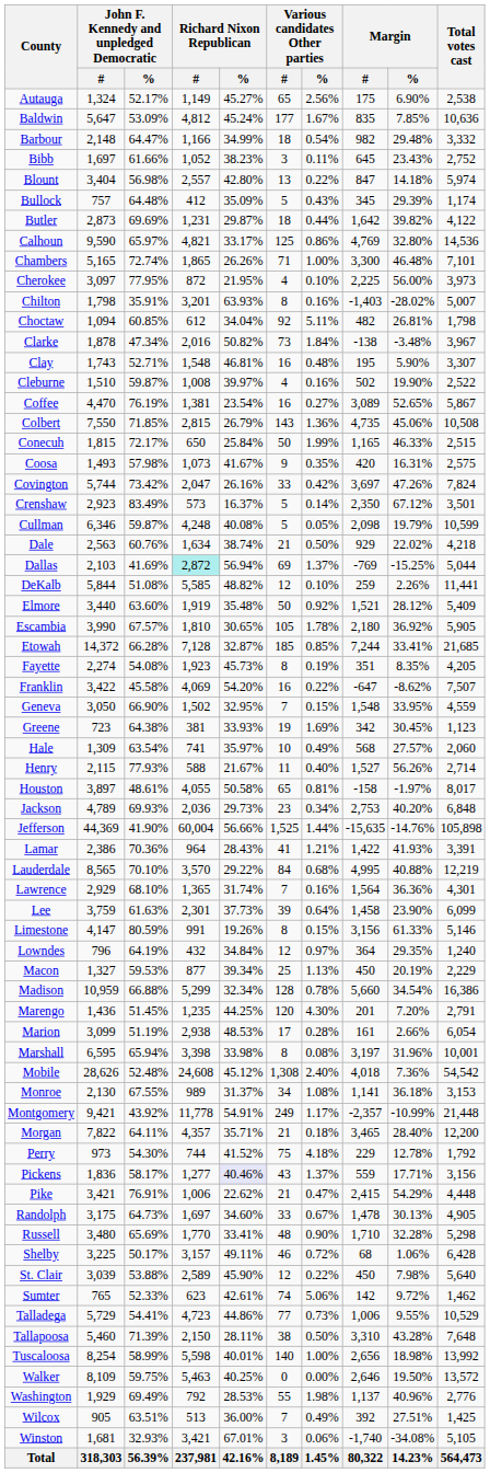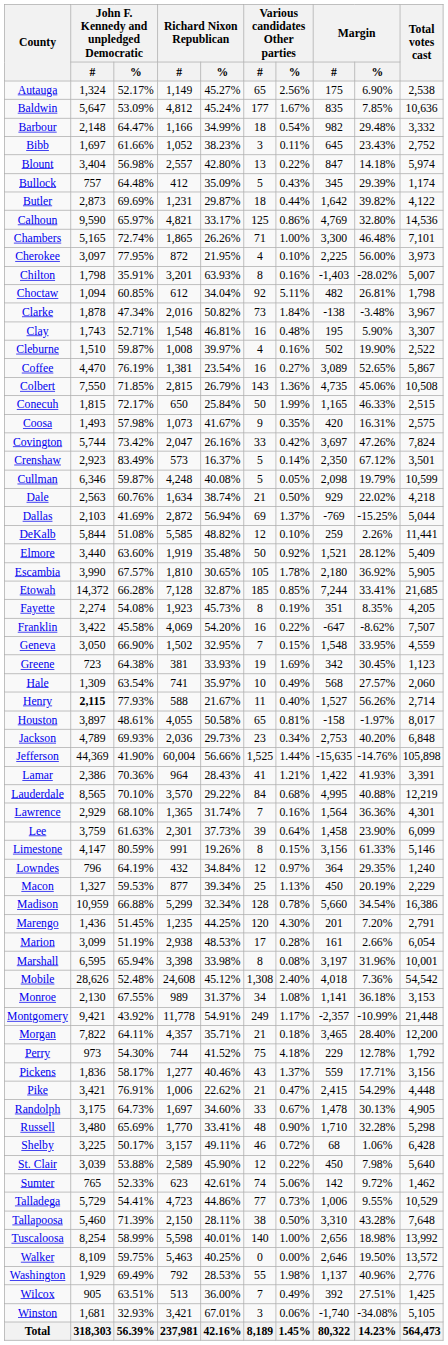 <table width="60%" class="wikitable sortable">
 <tr>
 <th rowspan="2">County</th>
 <th colspan="2">John F. Kennedy and unpledged<br>Democratic</th>
 <th colspan="2">Richard Nixon<br>Republican</th>
 <th colspan="2">Various candidates<br>Other parties</th>
 <th colspan="2">Margin</th>
 <th rowspan="2" style="text-align:center;">Total votes cast</th>
 </tr>
 <tr>
 <th style="text-align:center;" data-sort-type="number">#</th>
 <th style="text-align:center;" data-sort-type="number">%</th>
 <th style="text-align:center;" data-sort-type="number">#</th>
 <th style="text-align:center;" data-sort-type="number">%</th>
 <th style="text-align:center;" data-sort-type="number">#</th>
 <th style="text-align:center;" data-sort-type="number">%</th>
 <th style="text-align:center;" data-sort-type="number">#</th>
 <th style="text-align:center;" data-sort-type="number">%</th>
 </tr>
 <tr style="text-align:center;">
 <td><a href='#'>Autauga</a></td>
 <td>1,324</td>
 <td>52.17%</td>
 <td>1,149</td>
 <td>45.27%</td>
 <td>65</td>
 <td>2.56%</td>
 <td>175</td>
 <td>6.90%</td>
 <td>2,538</td>
 </tr>
 <tr style="text-align:center;">
 <td><a href='#'>Baldwin</a></td>
 <td>5,647</td>
 <td>53.09%</td>
 <td>4,812</td>
 <td>45.24%</td>
 <td>177</td>
 <td>1.67%</td>
 <td>835</td>
 <td>7.85%</td>
 <td>10,636</td>
 </tr>
 <tr style="text-align:center;">
 <td><a href='#'>Barbour</a></td>
 <td>2,148</td>
 <td>64.47%</td>
 <td>1,166</td>
 <td>34.99%</td>
 <td>18</td>
 <td>0.54%</td>
 <td>982</td>
 <td>29.48%</td>
 <td>3,332</td>
 </tr>
 <tr style="text-align:center;">
 <td><a href='#'>Bibb</a></td>
 <td>1,697</td>
 <td>61.66%</td>
 <td>1,052</td>
 <td>38.23%</td>
 <td>3</td>
 <td>0.11%</td>
 <td>645</td>
 <td>23.43%</td>
 <td>2,752</td>
 </tr>
 <tr style="text-align:center;">
 <td><a href='#'>Blount</a></td>
 <td>3,404</td>
 <td>56.98%</td>
 <td>2,557</td>
 <td>42.80%</td>
 <td>13</td>
 <td>0.22%</td>
 <td>847</td>
 <td>14.18%</td>
 <td>5,974</td>
 </tr>
 <tr style="text-align:center;">
 <td><a href='#'>Bullock</a></td>
 <td>757</td>
 <td>64.48%</td>
 <td>412</td>
 <td>35.09%</td>
 <td>5</td>
 <td>0.43%</td>
 <td>345</td>
 <td>29.39%</td>
 <td>1,174</td>
 </tr>
 <tr style="text-align:center;">
 <td><a href='#'>Butler</a></td>
 <td>2,873</td>
 <td>69.69%</td>
 <td>1,231</td>
 <td>29.87%</td>
 <td>18</td>
 <td>0.44%</td>
 <td>1,642</td>
 <td>39.82%</td>
 <td>4,122</td>
 </tr>
 <tr style="text-align:center;">
 <td><a href='#'>Calhoun</a></td>
 <td>9,590</td>
 <td>65.97%</td>
 <td>4,821</td>
 <td>33.17%</td>
 <td>125</td>
 <td>0.86%</td>
 <td>4,769</td>
 <td>32.80%</td>
 <td>14,536</td>
 </tr>
 <tr style="text-align:center;">
 <td><a href='#'>Chambers</a></td>
 <td>5,165</td>
 <td>72.74%</td>
 <td>1,865</td>
 <td>26.26%</td>
 <td>71</td>
 <td>1.00%</td>
 <td>3,300</td>
 <td>46.48%</td>
 <td>7,101</td>
 </tr>
 <tr style="text-align:center;">
 <td><a href='#'>Cherokee</a></td>
 <td>3,097</td>
 <td>77.95%</td>
 <td>872</td>
 <td>21.95%</td>
 <td>4</td>
 <td>0.10%</td>
 <td>2,225</td>
 <td>56.00%</td>
 <td>3,973</td>
 </tr>
 <tr style="text-align:center;">
 <td><a href='#'>Chilton</a></td>
 <td>1,798</td>
 <td>35.91%</td>
 <td>3,201</td>
 <td>63.93%</td>
 <td>8</td>
 <td>0.16%</td>
 <td>-1,403</td>
 <td>-28.02%</td>
 <td>5,007</td>
 </tr>
 <tr style="text-align:center;">
 <td><a href='#'>Choctaw</a></td>
 <td>1,094</td>
 <td>60.85%</td>
 <td>612</td>
 <td>34.04%</td>
 <td>92</td>
 <td>5.11%</td>
 <td>482</td>
 <td>26.81%</td>
 <td>1,798</td>
 </tr>
 <tr style="text-align:center;">
 <td><a href='#'>Clarke</a></td>
 <td>1,878</td>
 <td>47.34%</td>
 <td>2,016</td>
 <td>50.82%</td>
 <td>73</td>
 <td>1.84%</td>
 <td>-138</td>
 <td>-3.48%</td>
 <td>3,967</td>
 </tr>
 <tr style="text-align:center;">
 <td><a href='#'>Clay</a></td>
 <td>1,743</td>
 <td>52.71%</td>
 <td>1,548</td>
 <td>46.81%</td>
 <td>16</td>
 <td>0.48%</td>
 <td>195</td>
 <td>5.90%</td>
 <td>3,307</td>
 </tr>
 <tr style="text-align:center;">
 <td><a href='#'>Cleburne</a></td>
 <td>1,510</td>
 <td>59.87%</td>
 <td>1,008</td>
 <td>39.97%</td>
 <td>4</td>
 <td>0.16%</td>
 <td>502</td>
 <td>19.90%</td>
 <td>2,522</td>
 </tr>
 <tr style="text-align:center;">
 <td><a href='#'>Coffee</a></td>
 <td>4,470</td>
 <td>76.19%</td>
 <td>1,381</td>
 <td>23.54%</td>
 <td>16</td>
 <td>0.27%</td>
 <td>3,089</td>
 <td>52.65%</td>
 <td>5,867</td>
 </tr>
 <tr style="text-align:center;">
 <td><a href='#'>Colbert</a></td>
 <td>7,550</td>
 <td>71.85%</td>
 <td>2,815</td>
 <td>26.79%</td>
 <td>143</td>
 <td>1.36%</td>
 <td>4,735</td>
 <td>45.06%</td>
 <td>10,508</td>
 </tr>
 <tr style="text-align:center;">
 <td><a href='#'>Conecuh</a></td>
 <td>1,815</td>
 <td>72.17%</td>
 <td>650</td>
 <td>25.84%</td>
 <td>50</td>
 <td>1.99%</td>
 <td>1,165</td>
 <td>46.33%</td>
 <td>2,515</td>
 </tr>
 <tr style="text-align:center;">
 <td><a href='#'>Coosa</a></td>
 <td>1,493</td>
 <td>57.98%</td>
 <td>1,073</td>
 <td>41.67%</td>
 <td>9</td>
 <td>0.35%</td>
 <td>420</td>
 <td>16.31%</td>
 <td>2,575</td>
 </tr>
 <tr style="text-align:center;">
 <td><a href='#'>Covington</a></td>
 <td>5,744</td>
 <td>73.42%</td>
 <td>2,047</td>
 <td>26.16%</td>
 <td>33</td>
 <td>0.42%</td>
 <td>3,697</td>
 <td>47.26%</td>
 <td>7,824</td>
 </tr>
 <tr style="text-align:center;">
 <td><a href='#'>Crenshaw</a></td>
 <td>2,923</td>
 <td>83.49%</td>
 <td>573</td>
 <td>16.37%</td>
 <td>5</td>
 <td>0.14%</td>
 <td>2,350</td>
 <td>67.12%</td>
 <td>3,501</td>
 </tr>
 <tr style="text-align:center;">
 <td><a href='#'>Cullman</a></td>
 <td>6,346</td>
 <td>59.87%</td>
 <td>4,248</td>
 <td>40.08%</td>
 <td>5</td>
 <td>0.05%</td>
 <td>2,098</td>
 <td>19.79%</td>
 <td>10,599</td>
 </tr>
 <tr style="text-align:center;">
 <td><a href='#'>Dale</a></td>
 <td>2,563</td>
 <td>60.76%</td>
 <td>1,634</td>
 <td>38.74%</td>
 <td>21</td>
 <td>0.50%</td>
 <td>929</td>
 <td>22.02%</td>
 <td>4,218</td>
 </tr>
 <tr style="text-align:center;">
 <td><a href='#'>Dallas</a></td>
 <td>2,103</td>
 <td>41.69%</td>
-<td style="background: paleturquoise;">2,872</td>
+<td>2,872</td>
 <td>56.94%</td>
 <td>69</td>
 <td>1.37%</td>
 <td>-769</td>
 <td>-15.25%</td>
 <td>5,044</td>
 </tr>
 <tr style="text-align:center;">
 <td><a href='#'>DeKalb</a></td>
 <td>5,844</td>
 <td>51.08%</td>
 <td>5,585</td>
 <td>48.82%</td>
 <td>12</td>
 <td>0.10%</td>
 <td>259</td>
 <td>2.26%</td>
 <td>11,441</td>
 </tr>
 <tr style="text-align:center;">
 <td><a href='#'>Elmore</a></td>
 <td>3,440</td>
 <td>63.60%</td>
 <td>1,919</td>
 <td>35.48%</td>
 <td>50</td>
 <td>0.92%</td>
 <td>1,521</td>
 <td>28.12%</td>
 <td>5,409</td>
 </tr>
 <tr style="text-align:center;">
 <td><a href='#'>Escambia</a></td>
 <td>3,990</td>
 <td>67.57%</td>
 <td>1,810</td>
 <td>30.65%</td>
 <td>105</td>
 <td>1.78%</td>
 <td>2,180</td>
 <td>36.92%</td>
 <td>5,905</td>
 </tr>
 <tr style="text-align:center;">
 <td><a href='#'>Etowah</a></td>
 <td>14,372</td>
 <td>66.28%</td>
 <td>7,128</td>
 <td>32.87%</td>
 <td>185</td>
 <td>0.85%</td>
 <td>7,244</td>
 <td>33.41%</td>
 <td>21,685</td>
 </tr>
 <tr style="text-align:center;">
 <td><a href='#'>Fayette</a></td>
 <td>2,274</td>
 <td>54.08%</td>
 <td>1,923</td>
 <td>45.73%</td>
 <td>8</td>
 <td>0.19%</td>
 <td>351</td>
 <td>8.35%</td>
 <td>4,205</td>
 </tr>
 <tr style="text-align:center;">
 <td><a href='#'>Franklin</a></td>
 <td>3,422</td>
 <td>45.58%</td>
 <td>4,069</td>
 <td>54.20%</td>
 <td>16</td>
 <td>0.22%</td>
 <td>-647</td>
 <td>-8.62%</td>
 <td>7,507</td>
 </tr>
 <tr style="text-align:center;">
 <td><a href='#'>Geneva</a></td>
 <td>3,050</td>
 <td>66.90%</td>
 <td>1,502</td>
 <td>32.95%</td>
 <td>7</td>
 <td>0.15%</td>
 <td>1,548</td>
 <td>33.95%</td>
 <td>4,559</td>
 </tr>
 <tr style="text-align:center;">
 <td><a href='#'>Greene</a></td>
 <td>723</td>
 <td>64.38%</td>
 <td>381</td>
 <td>33.93%</td>
 <td>19</td>
 <td>1.69%</td>
 <td>342</td>
 <td>30.45%</td>
 <td>1,123</td>
 </tr>
 <tr style="text-align:center;">
 <td><a href='#'>Hale</a></td>
 <td>1,309</td>
 <td>63.54%</td>
 <td>741</td>
 <td>35.97%</td>
 <td>10</td>
 <td>0.49%</td>
 <td>568</td>
 <td>27.57%</td>
 <td>2,060</td>
 </tr>
 <tr style="text-align:center;">
 <td><a href='#'>Henry</a></td>
-<td>2,115</td>
+<td><strong>2,115</strong></td>
 <td>77.93%</td>
 <td>588</td>
 <td>21.67%</td>
 <td>11</td>
 <td>0.40%</td>
 <td>1,527</td>
 <td>56.26%</td>
 <td>2,714</td>
 </tr>
 <tr style="text-align:center;">
 <td><a href='#'>Houston</a></td>
 <td>3,897</td>
 <td>48.61%</td>
 <td>4,055</td>
 <td>50.58%</td>
 <td>65</td>
 <td>0.81%</td>
 <td>-158</td>
 <td>-1.97%</td>
 <td>8,017</td>
 </tr>
 <tr style="text-align:center;">
 <td><a href='#'>Jackson</a></td>
 <td>4,789</td>
 <td>69.93%</td>
 <td>2,036</td>
 <td>29.73%</td>
 <td>23</td>
 <td>0.34%</td>
 <td>2,753</td>
 <td>40.20%</td>
 <td>6,848</td>
 </tr>
 <tr style="text-align:center;">
 <td><a href='#'>Jefferson</a></td>
 <td>44,369</td>
 <td>41.90%</td>
 <td>60,004</td>
 <td>56.66%</td>
 <td>1,525</td>
 <td>1.44%</td>
 <td>-15,635</td>
 <td>-14.76%</td>
 <td>105,898</td>
 </tr>
 <tr style="text-align:center;">
 <td><a href='#'>Lamar</a></td>
 <td>2,386</td>
 <td>70.36%</td>
 <td>964</td>
 <td>28.43%</td>
 <td>41</td>
 <td>1.21%</td>
 <td>1,422</td>
 <td>41.93%</td>
 <td>3,391</td>
 </tr>
 <tr style="text-align:center;">
 <td><a href='#'>Lauderdale</a></td>
 <td>8,565</td>
 <td>70.10%</td>
 <td>3,570</td>
 <td>29.22%</td>
 <td>84</td>
 <td>0.68%</td>
 <td>4,995</td>
 <td>40.88%</td>
 <td>12,219</td>
 </tr>
 <tr style="text-align:center;">
 <td><a href='#'>Lawrence</a></td>
 <td>2,929</td>
 <td>68.10%</td>
 <td>1,365</td>
 <td>31.74%</td>
 <td>7</td>
 <td>0.16%</td>
 <td>1,564</td>
 <td>36.36%</td>
 <td>4,301</td>
 </tr>
 <tr style="text-align:center;">
 <td><a href='#'>Lee</a></td>
 <td>3,759</td>
 <td>61.63%</td>
 <td>2,301</td>
 <td>37.73%</td>
 <td>39</td>
 <td>0.64%</td>
 <td>1,458</td>
 <td>23.90%</td>
 <td>6,099</td>
 </tr>
 <tr style="text-align:center;">
 <td><a href='#'>Limestone</a></td>
 <td>4,147</td>
 <td>80.59%</td>
 <td>991</td>
 <td>19.26%</td>
 <td>8</td>
 <td>0.15%</td>
 <td>3,156</td>
 <td>61.33%</td>
 <td>5,146</td>
 </tr>
 <tr style="text-align:center;">
 <td><a href='#'>Lowndes</a></td>
 <td>796</td>
 <td>64.19%</td>
 <td>432</td>
 <td>34.84%</td>
 <td>12</td>
 <td>0.97%</td>
 <td>364</td>
 <td>29.35%</td>
 <td>1,240</td>
 </tr>
 <tr style="text-align:center;">
 <td><a href='#'>Macon</a></td>
 <td>1,327</td>
 <td>59.53%</td>
 <td>877</td>
 <td>39.34%</td>
 <td>25</td>
 <td>1.13%</td>
 <td>450</td>
 <td>20.19%</td>
 <td>2,229</td>
 </tr>
 <tr style="text-align:center;">
 <td><a href='#'>Madison</a></td>
 <td>10,959</td>
 <td>66.88%</td>
 <td>5,299</td>
 <td>32.34%</td>
 <td>128</td>
 <td>0.78%</td>
 <td>5,660</td>
 <td>34.54%</td>
 <td>16,386</td>
 </tr>
 <tr style="text-align:center;">
 <td><a href='#'>Marengo</a></td>
 <td>1,436</td>
 <td>51.45%</td>
 <td>1,235</td>
 <td>44.25%</td>
 <td>120</td>
 <td>4.30%</td>
 <td>201</td>
 <td>7.20%</td>
 <td>2,791</td>
 </tr>
 <tr style="text-align:center;">
 <td><a href='#'>Marion</a></td>
 <td>3,099</td>
 <td>51.19%</td>
 <td>2,938</td>
 <td>48.53%</td>
 <td>17</td>
 <td>0.28%</td>
 <td>161</td>
 <td>2.66%</td>
 <td>6,054</td>
 </tr>
 <tr style="text-align:center;">
 <td><a href='#'>Marshall</a></td>
 <td>6,595</td>
 <td>65.94%</td>
 <td>3,398</td>
 <td>33.98%</td>
 <td>8</td>
 <td>0.08%</td>
 <td>3,197</td>
 <td>31.96%</td>
 <td>10,001</td>
 </tr>
 <tr style="text-align:center;">
 <td><a href='#'>Mobile</a></td>
 <td>28,626</td>
 <td>52.48%</td>
 <td>24,608</td>
 <td>45.12%</td>
 <td>1,308</td>
 <td>2.40%</td>
 <td>4,018</td>
 <td>7.36%</td>
 <td>54,542</td>
 </tr>
 <tr style="text-align:center;">
 <td><a href='#'>Monroe</a></td>
 <td>2,130</td>
 <td>67.55%</td>
 <td>989</td>
 <td>31.37%</td>
 <td>34</td>
 <td>1.08%</td>
 <td>1,141</td>
 <td>36.18%</td>
 <td>3,153</td>
 </tr>
 <tr style="text-align:center;">
 <td><a href='#'>Montgomery</a></td>
 <td>9,421</td>
 <td>43.92%</td>
 <td>11,778</td>
 <td>54.91%</td>
 <td>249</td>
 <td>1.17%</td>
 <td>-2,357</td>
 <td>-10.99%</td>
 <td>21,448</td>
 </tr>
 <tr style="text-align:center;">
 <td><a href='#'>Morgan</a></td>
 <td>7,822</td>
 <td>64.11%</td>
 <td>4,357</td>
 <td>35.71%</td>
 <td>21</td>
 <td>0.18%</td>
 <td>3,465</td>
 <td>28.40%</td>
 <td>12,200</td>
 </tr>
 <tr style="text-align:center;">
 <td><a href='#'>Perry</a></td>
 <td>973</td>
 <td>54.30%</td>
 <td>744</td>
 <td>41.52%</td>
 <td>75</td>
 <td>4.18%</td>
 <td>229</td>
 <td>12.78%</td>
 <td>1,792</td>
 </tr>
 <tr style="text-align:center;">
 <td><a href='#'>Pickens</a></td>
 <td>1,836</td>
 <td>58.17%</td>
 <td>1,277</td>
-<td style="background: lavender;">40.46%</td>
+<td>40.46%</td>
 <td>43</td>
 <td>1.37%</td>
 <td>559</td>
 <td>17.71%</td>
 <td>3,156</td>
 </tr>
 <tr style="text-align:center;">
 <td><a href='#'>Pike</a></td>
 <td>3,421</td>
 <td>76.91%</td>
 <td>1,006</td>
 <td>22.62%</td>
 <td>21</td>
 <td>0.47%</td>
 <td>2,415</td>
 <td>54.29%</td>
 <td>4,448</td>
 </tr>
 <tr style="text-align:center;">
 <td><a href='#'>Randolph</a></td>
 <td>3,175</td>
 <td>64.73%</td>
 <td>1,697</td>
 <td>34.60%</td>
 <td>33</td>
 <td>0.67%</td>
 <td>1,478</td>
 <td>30.13%</td>
 <td>4,905</td>
 </tr>
 <tr style="text-align:center;">
 <td><a href='#'>Russell</a></td>
 <td>3,480</td>
 <td>65.69%</td>
 <td>1,770</td>
 <td>33.41%</td>
 <td>48</td>
 <td>0.90%</td>
 <td>1,710</td>
 <td>32.28%</td>
 <td>5,298</td>
 </tr>
 <tr style="text-align:center;">
 <td><a href='#'>Shelby</a></td>
 <td>3,225</td>
 <td>50.17%</td>
 <td>3,157</td>
 <td>49.11%</td>
 <td>46</td>
 <td>0.72%</td>
 <td>68</td>
 <td>1.06%</td>
 <td>6,428</td>
 </tr>
 <tr style="text-align:center;">
 <td><a href='#'>St. Clair</a></td>
 <td>3,039</td>
 <td>53.88%</td>
 <td>2,589</td>
 <td>45.90%</td>
 <td>12</td>
 <td>0.22%</td>
 <td>450</td>
 <td>7.98%</td>
 <td>5,640</td>
 </tr>
 <tr style="text-align:center;">
 <td><a href='#'>Sumter</a></td>
 <td>765</td>
 <td>52.33%</td>
 <td>623</td>
 <td>42.61%</td>
 <td>74</td>
 <td>5.06%</td>
 <td>142</td>
 <td>9.72%</td>
 <td>1,462</td>
 </tr>
 <tr style="text-align:center;">
 <td><a href='#'>Talladega</a></td>
 <td>5,729</td>
 <td>54.41%</td>
 <td>4,723</td>
 <td>44.86%</td>
 <td>77</td>
 <td>0.73%</td>
 <td>1,006</td>
 <td>9.55%</td>
 <td>10,529</td>
 </tr>
 <tr style="text-align:center;">
 <td><a href='#'>Tallapoosa</a></td>
 <td>5,460</td>
 <td>71.39%</td>
 <td>2,150</td>
 <td>28.11%</td>
 <td>38</td>
 <td>0.50%</td>
 <td>3,310</td>
 <td>43.28%</td>
 <td>7,648</td>
 </tr>
 <tr style="text-align:center;">
 <td><a href='#'>Tuscaloosa</a></td>
 <td>8,254</td>
 <td>58.99%</td>
 <td>5,598</td>
 <td>40.01%</td>
 <td>140</td>
 <td>1.00%</td>
 <td>2,656</td>
 <td>18.98%</td>
 <td>13,992</td>
 </tr>
 <tr style="text-align:center;">
 <td><a href='#'>Walker</a></td>
 <td>8,109</td>
 <td>59.75%</td>
 <td>5,463</td>
 <td>40.25%</td>
 <td>0</td>
 <td>0.00%</td>
 <td>2,646</td>
 <td>19.50%</td>
 <td>13,572</td>
 </tr>
 <tr style="text-align:center;">
 <td><a href='#'>Washington</a></td>
 <td>1,929</td>
 <td>69.49%</td>
 <td>792</td>
 <td>28.53%</td>
 <td>55</td>
 <td>1.98%</td>
 <td>1,137</td>
 <td>40.96%</td>
 <td>2,776</td>
 </tr>
 <tr style="text-align:center;">
 <td><a href='#'>Wilcox</a></td>
 <td>905</td>
 <td>63.51%</td>
 <td>513</td>
 <td>36.00%</td>
 <td>7</td>
 <td>0.49%</td>
 <td>392</td>
 <td>27.51%</td>
 <td>1,425</td>
 </tr>
 <tr style="text-align:center;">
 <td><a href='#'>Winston</a></td>
 <td>1,681</td>
 <td>32.93%</td>
 <td>3,421</td>
 <td>67.01%</td>
 <td>3</td>
 <td>0.06%</td>
 <td>-1,740</td>
 <td>-34.08%</td>
 <td>5,105</td>
 </tr>
 <tr>
 <th>Total</th>
 <th>318,303</th>
 <th>56.39%</th>
 <th>237,981</th>
 <th>42.16%</th>
 <th>8,189</th>
 <th>1.45%</th>
 <th>80,322</th>
 <th>14.23%</th>
 <th>564,473</th>
 </tr>
 </table>
